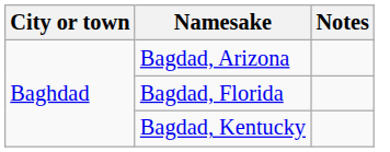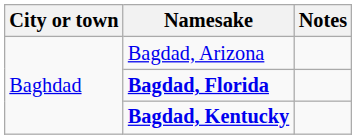 <table class="wikitable">
 <tr>
 <th>City or town</th>
 <th>Namesake</th>
 <th>Notes</th>
 </tr>
 <tr>
 <td rowspan=3><a href='#'>Baghdad</a></td>
 <td><a href='#'>Bagdad, Arizona</a></td>
 <td></td>
 </tr>
 <tr>
-<td><a href='#'>Bagdad, Florida</a></td>
+<td><strong><a href='#'>Bagdad, Florida</a></strong></td>
 <td> </td>
 </tr>
 <tr>
-<td><a href='#'>Bagdad, Kentucky</a></td>
+<td><strong><a href='#'>Bagdad, Kentucky</a></strong></td>
 <td> </td>
 </tr>
 </table>
